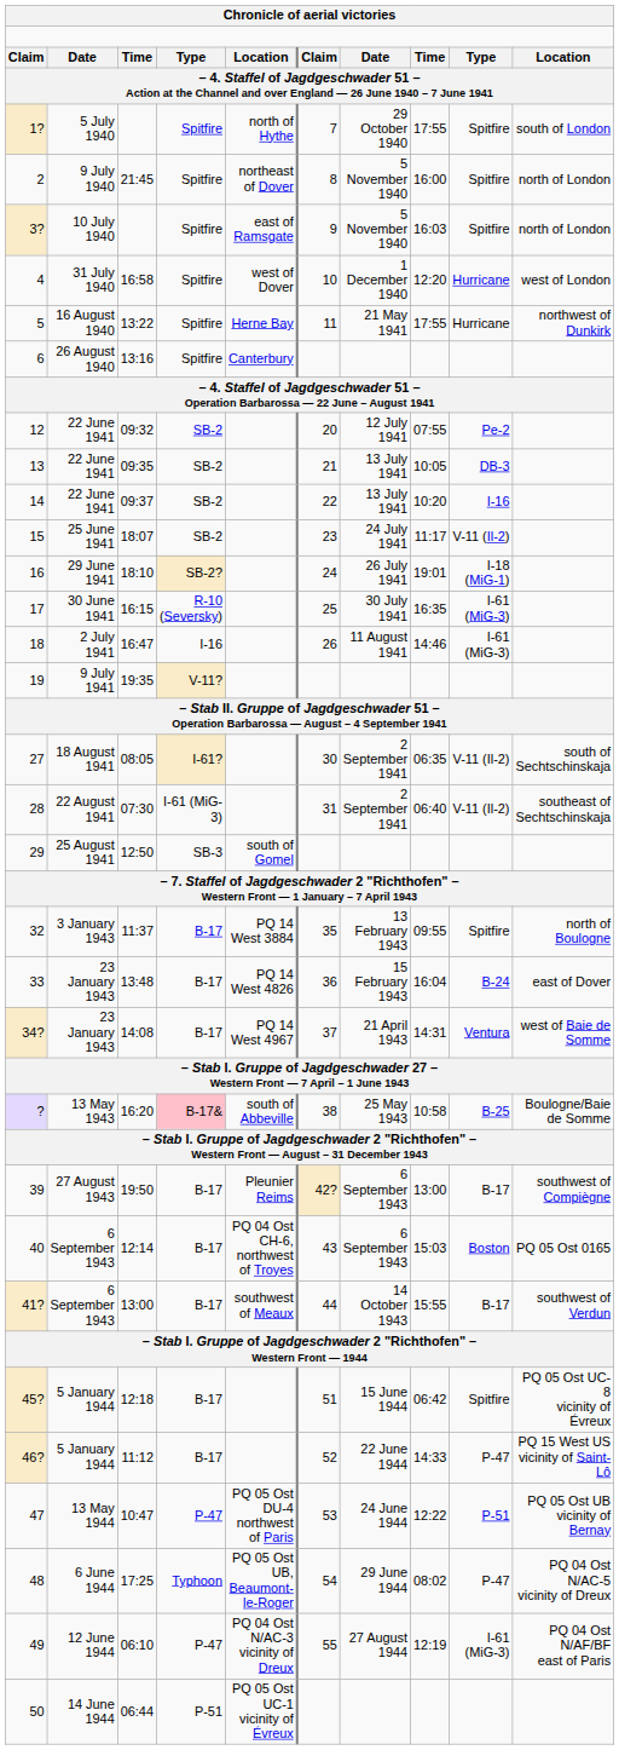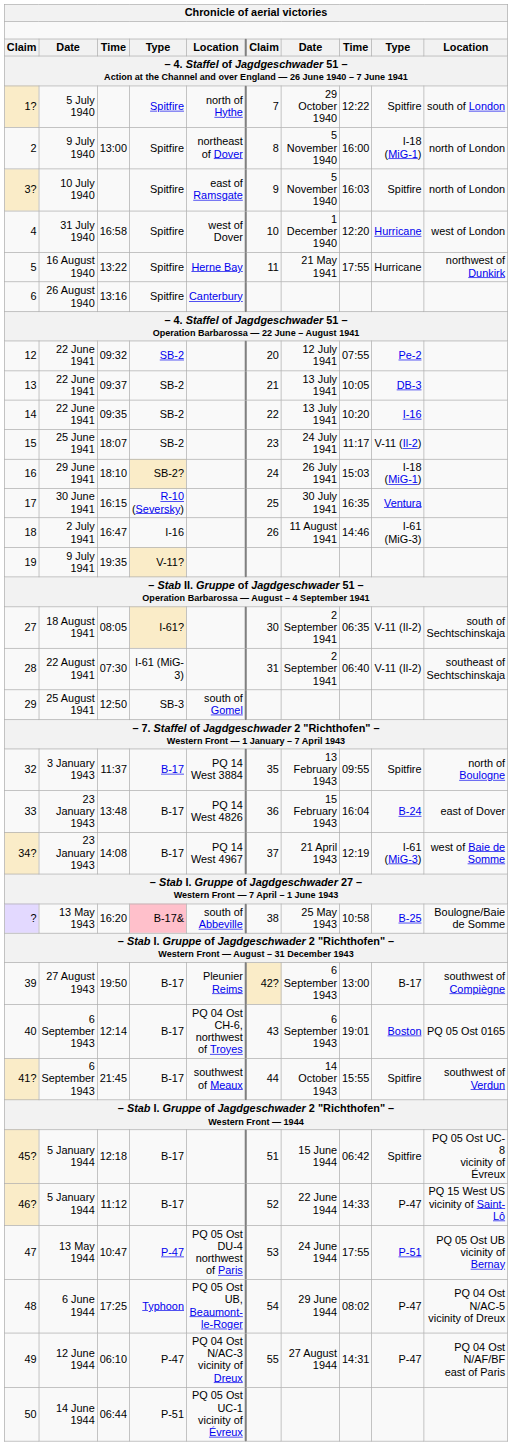 <table class="wikitable plainrowheaders collapsible" style="margin-left: auto; margin-right: auto; border: none; text-align:right; width: 100%;">
 <tr>
 <th colspan="10">Chronicle of aerial victories</th>
 </tr>
 <tr>
 <td colspan="10" style="text-align: left;"><br>  </td>
 </tr>
 <tr>
 <th scope="col">Claim</th>
 <th scope="col">Date</th>
 <th scope="col">Time</th>
 <th scope="col" width="100px">Type</th>
 <th scope="col">Location</th>
 <th scope="col" style="border-left: 3px solid grey;">Claim</th>
 <th scope="col">Date</th>
 <th scope="col">Time</th>
 <th scope="col" width="100px">Type</th>
 <th scope="col">Location</th>
 </tr>
 <tr>
 <th colspan="10">– 4. <em>Staffel</em> of <em>Jagdgeschwader</em> 51 –<br><small>Action at the Channel and over England — 26 June 1940 – 7 June 1941</small></th>
 </tr>
 <tr>
 <td style="background:#faecc8">1?</td>
 <td>5 July 1940</td>
 <td></td>
 <td><a href='#'>Spitfire</a></td>
 <td>north of <a href='#'>Hythe</a></td>
 <td style="border-left: 3px solid grey;">7</td>
 <td>29 October 1940</td>
-<td>17:55</td>
+<td>12:22</td>
 <td>Spitfire</td>
 <td>south of <a href='#'>London</a></td>
 </tr>
 <tr>
 <td>2</td>
 <td>9 July 1940</td>
-<td>21:45</td>
+<td>13:00</td>
 <td>Spitfire</td>
 <td>northeast of <a href='#'>Dover</a></td>
 <td style="border-left: 3px solid grey;">8</td>
 <td>5 November 1940</td>
 <td>16:00</td>
-<td>Spitfire</td>
+<td>I-18 (<a href='#'>MiG-1</a>)</td>
 <td>north of London</td>
 </tr>
 <tr>
 <td style="background:#faecc8">3?</td>
 <td>10 July 1940</td>
 <td></td>
 <td>Spitfire</td>
 <td>east of <a href='#'>Ramsgate</a></td>
 <td style="border-left: 3px solid grey;">9</td>
 <td>5 November 1940</td>
 <td>16:03</td>
 <td>Spitfire</td>
 <td>north of London</td>
 </tr>
 <tr>
 <td>4</td>
 <td>31 July 1940</td>
 <td>16:58</td>
 <td>Spitfire</td>
 <td>west of Dover</td>
 <td style="border-left: 3px solid grey;">10</td>
 <td>1 December 1940</td>
 <td>12:20</td>
 <td><a href='#'>Hurricane</a></td>
 <td>west of London</td>
 </tr>
 <tr>
 <td>5</td>
 <td>16 August 1940</td>
 <td>13:22</td>
 <td>Spitfire</td>
 <td><a href='#'>Herne Bay</a></td>
 <td style="border-left: 3px solid grey;">11</td>
 <td>21 May 1941</td>
 <td>17:55</td>
 <td>Hurricane</td>
 <td> northwest of <a href='#'>Dunkirk</a></td>
 </tr>
 <tr>
 <td>6</td>
 <td>26 August 1940</td>
 <td>13:16</td>
 <td>Spitfire</td>
 <td><a href='#'>Canterbury</a></td>
 <td style="border-left: 3px solid grey;"></td>
 <td></td>
 <td></td>
 <td></td>
 <td></td>
 </tr>
 <tr>
 <th colspan="10">– 4. <em>Staffel</em> of <em>Jagdgeschwader</em> 51 –<br><small>Operation Barbarossa — 22 June – August 1941</small></th>
 </tr>
 <tr>
 <td>12</td>
 <td>22 June 1941</td>
 <td>09:32</td>
 <td><a href='#'>SB-2</a></td>
 <td></td>
 <td style="border-left: 3px solid grey;">20</td>
 <td>12 July 1941</td>
 <td>07:55</td>
 <td><a href='#'>Pe-2</a></td>
 <td></td>
 </tr>
 <tr>
 <td>13</td>
 <td>22 June 1941</td>
-<td>09:35</td>
+<td>09:37</td>
 <td>SB-2</td>
 <td></td>
 <td style="border-left: 3px solid grey;">21</td>
 <td>13 July 1941</td>
 <td>10:05</td>
 <td><a href='#'>DB-3</a></td>
 <td></td>
 </tr>
 <tr>
 <td>14</td>
 <td>22 June 1941</td>
-<td>09:37</td>
+<td>09:35</td>
 <td>SB-2</td>
 <td></td>
 <td style="border-left: 3px solid grey;">22</td>
 <td>13 July 1941</td>
 <td>10:20</td>
 <td><a href='#'>I-16</a></td>
 <td></td>
 </tr>
 <tr>
 <td>15</td>
 <td>25 June 1941</td>
 <td>18:07</td>
 <td>SB-2</td>
 <td></td>
 <td style="border-left: 3px solid grey;">23</td>
 <td>24 July 1941</td>
 <td>11:17</td>
 <td>V-11 (<a href='#'>Il-2</a>)</td>
 <td></td>
 </tr>
 <tr>
 <td>16</td>
 <td>29 June 1941</td>
 <td>18:10</td>
 <td style="background:#faecc8">SB-2?</td>
 <td></td>
 <td style="border-left: 3px solid grey;">24</td>
 <td>26 July 1941</td>
-<td>19:01</td>
+<td>15:03</td>
 <td>I-18 (<a href='#'>MiG-1</a>)</td>
 <td></td>
 </tr>
 <tr>
 <td>17</td>
 <td>30 June 1941</td>
 <td>16:15</td>
 <td><a href='#'>R-10</a> (<a href='#'>Seversky</a>)</td>
 <td></td>
 <td style="border-left: 3px solid grey;">25</td>
 <td>30 July 1941</td>
 <td>16:35</td>
-<td>I-61 (<a href='#'>MiG-3</a>)</td>
+<td><a href='#'>Ventura</a></td>
 <td></td>
 </tr>
 <tr>
 <td>18</td>
 <td>2 July 1941</td>
 <td>16:47</td>
 <td>I-16</td>
 <td></td>
 <td style="border-left: 3px solid grey;">26</td>
 <td>11 August 1941</td>
 <td>14:46</td>
 <td>I-61 (MiG-3)</td>
 <td></td>
 </tr>
 <tr>
 <td>19</td>
 <td>9 July 1941</td>
 <td>19:35</td>
 <td style="background:#faecc8">V-11?</td>
 <td></td>
 <td style="border-left: 3px solid grey;"></td>
 <td></td>
 <td></td>
 <td></td>
 <td></td>
 </tr>
 <tr>
 <th colspan="10">– <em>Stab</em> II. <em>Gruppe</em> of <em>Jagdgeschwader</em> 51 –<br><small>Operation Barbarossa — August – 4 September 1941</small></th>
 </tr>
 <tr>
 <td>27</td>
 <td>18 August 1941</td>
 <td>08:05</td>
 <td style="background:#faecc8">I-61?</td>
 <td></td>
 <td style="border-left: 3px solid grey;">30</td>
 <td>2 September 1941</td>
 <td>06:35</td>
 <td>V-11 (Il-2)</td>
 <td> south of Sechtschinskaja</td>
 </tr>
 <tr>
 <td>28</td>
 <td>22 August 1941</td>
 <td>07:30</td>
 <td>I-61 (MiG-3)</td>
 <td></td>
 <td style="border-left: 3px solid grey;">31</td>
 <td>2 September 1941</td>
 <td>06:40</td>
 <td>V-11 (Il-2)</td>
 <td> southeast of Sechtschinskaja</td>
 </tr>
 <tr>
 <td>29</td>
 <td>25 August 1941</td>
 <td>12:50</td>
 <td>SB-3</td>
 <td>south of <a href='#'>Gomel</a></td>
 <td style="border-left: 3px solid grey;"></td>
 <td></td>
 <td></td>
 <td></td>
 <td></td>
 </tr>
 <tr>
 <th colspan="10">– 7. <em>Staffel</em> of <em>Jagdgeschwader</em> 2 "Richthofen" –<br><small>Western Front — 1 January – 7 April 1943</small></th>
 </tr>
 <tr>
 <td>32</td>
 <td>3 January 1943</td>
 <td>11:37</td>
 <td><a href='#'>B-17</a></td>
 <td>PQ 14 West 3884</td>
 <td style="border-left: 3px solid grey;">35</td>
 <td>13 February 1943</td>
 <td>09:55</td>
 <td>Spitfire</td>
 <td>north of <a href='#'>Boulogne</a></td>
 </tr>
 <tr>
 <td>33</td>
 <td>23 January 1943</td>
 <td>13:48</td>
 <td>B-17</td>
 <td>PQ 14 West 4826</td>
 <td style="border-left: 3px solid grey;">36</td>
 <td>15 February 1943</td>
 <td>16:04</td>
 <td><a href='#'>B-24</a></td>
 <td> east of Dover</td>
 </tr>
 <tr>
 <td style="background:#faecc8">34?</td>
 <td>23 January 1943</td>
 <td>14:08</td>
 <td>B-17</td>
 <td>PQ 14 West 4967</td>
 <td style="border-left: 3px solid grey;">37</td>
 <td>21 April 1943</td>
-<td>14:31</td>
-<td><a href='#'>Ventura</a></td>
+<td>12:19</td>
+<td>I-61 (<a href='#'>MiG-3</a>)</td>
 <td> west of <a href='#'>Baie de Somme</a></td>
 </tr>
 <tr>
 <th colspan="10">– <em>Stab</em> I. <em>Gruppe</em> of <em>Jagdgeschwader</em> 27 –<br><small>Western Front — 7 April – 1 June 1943</small></th>
 </tr>
 <tr>
 <td style="background:#e3d9ff;">?</td>
 <td>13 May 1943</td>
 <td>16:20</td>
 <td style="background:pink;">B-17&</td>
 <td>south of <a href='#'>Abbeville</a></td>
 <td style="border-left: 3px solid grey;">38</td>
 <td>25 May 1943</td>
 <td>10:58</td>
 <td><a href='#'>B-25</a></td>
 <td>Boulogne/Baie de Somme</td>
 </tr>
 <tr>
 <th colspan="10">– <em>Stab</em> I. <em>Gruppe</em> of <em>Jagdgeschwader</em> 2 "Richthofen" –<br><small>Western Front — August – 31 December 1943</small></th>
 </tr>
 <tr>
 <td>39</td>
 <td>27 August 1943</td>
 <td>19:50</td>
 <td>B-17</td>
 <td>Pleunier<br><a href='#'>Reims</a></td>
 <td style="border-left: 3px solid grey; background:#faecc8">42?</td>
 <td>6 September 1943</td>
 <td>13:00</td>
 <td>B-17</td>
 <td> southwest of <a href='#'>Compiègne</a></td>
 </tr>
 <tr>
 <td>40</td>
 <td>6 September 1943</td>
 <td>12:14</td>
 <td>B-17</td>
 <td>PQ 04 Ost CH-6, northwest of <a href='#'>Troyes</a></td>
 <td style="border-left: 3px solid grey;">43</td>
 <td>6 September 1943</td>
-<td>15:03</td>
+<td>19:01</td>
 <td><a href='#'>Boston</a></td>
 <td>PQ 05 Ost 0165</td>
 </tr>
 <tr>
 <td style="background:#faecc8">41?</td>
 <td>6 September 1943</td>
-<td>13:00</td>
+<td>21:45</td>
 <td>B-17</td>
 <td>southwest of <a href='#'>Meaux</a></td>
 <td style="border-left: 3px solid grey;">44</td>
 <td>14 October 1943</td>
 <td>15:55</td>
-<td>B-17</td>
+<td>Spitfire</td>
 <td>southwest of <a href='#'>Verdun</a></td>
 </tr>
 <tr>
 <th colspan="10">– <em>Stab</em> I. <em>Gruppe</em> of <em>Jagdgeschwader</em> 2 "Richthofen" –<br><small>Western Front — 1944</small></th>
 </tr>
 <tr>
 <td style="background:#faecc8">45?</td>
 <td>5 January 1944</td>
 <td>12:18</td>
 <td>B-17</td>
 <td></td>
 <td style="border-left: 3px solid grey;">51</td>
 <td>15 June 1944</td>
 <td>06:42</td>
 <td>Spitfire</td>
 <td>PQ 05 Ost UC-8<br>vicinity of Évreux</td>
 </tr>
 <tr>
 <td style="background:#faecc8">46?</td>
 <td>5 January 1944</td>
 <td>11:12</td>
 <td>B-17</td>
 <td></td>
 <td style="border-left: 3px solid grey;">52</td>
 <td>22 June 1944</td>
 <td>14:33</td>
 <td>P-47</td>
 <td>PQ 15 West US<br>vicinity of <a href='#'>Saint-Lô</a></td>
 </tr>
 <tr>
 <td>47</td>
 <td>13 May 1944</td>
 <td>10:47</td>
 <td><a href='#'>P-47</a></td>
 <td>PQ 05 Ost DU-4<br>northwest of <a href='#'>Paris</a></td>
 <td style="border-left: 3px solid grey;">53</td>
 <td>24 June 1944</td>
-<td>12:22</td>
+<td>17:55</td>
 <td><a href='#'>P-51</a></td>
 <td>PQ 05 Ost UB<br>vicinity of <a href='#'>Bernay</a></td>
 </tr>
 <tr>
 <td>48</td>
 <td>6 June 1944</td>
 <td>17:25</td>
 <td><a href='#'>Typhoon</a></td>
 <td>PQ 05 Ost UB, <a href='#'>Beaumont-le-Roger</a></td>
 <td style="border-left: 3px solid grey;">54</td>
 <td>29 June 1944</td>
 <td>08:02</td>
 <td>P-47</td>
 <td>PQ 04 Ost N/AC-5<br>vicinity of Dreux</td>
 </tr>
 <tr>
 <td>49</td>
 <td>12 June 1944</td>
 <td>06:10</td>
 <td>P-47</td>
 <td>PQ 04 Ost N/AC-3<br>vicinity of <a href='#'>Dreux</a></td>
 <td style="border-left: 3px solid grey;">55</td>
 <td>27 August 1944</td>
-<td>12:19</td>
-<td>I-61 (MiG-3)</td>
+<td>14:31</td>
+<td>P-47</td>
 <td>PQ 04 Ost N/AF/BF<br>east of Paris</td>
 </tr>
 <tr>
 <td>50</td>
 <td>14 June 1944</td>
 <td>06:44</td>
 <td>P-51</td>
 <td>PQ 05 Ost UC-1<br>vicinity of <a href='#'>Évreux</a></td>
 <td style="border-left: 3px solid grey;"></td>
 <td></td>
 <td></td>
 <td></td>
 <td></td>
 </tr>
 </table>
